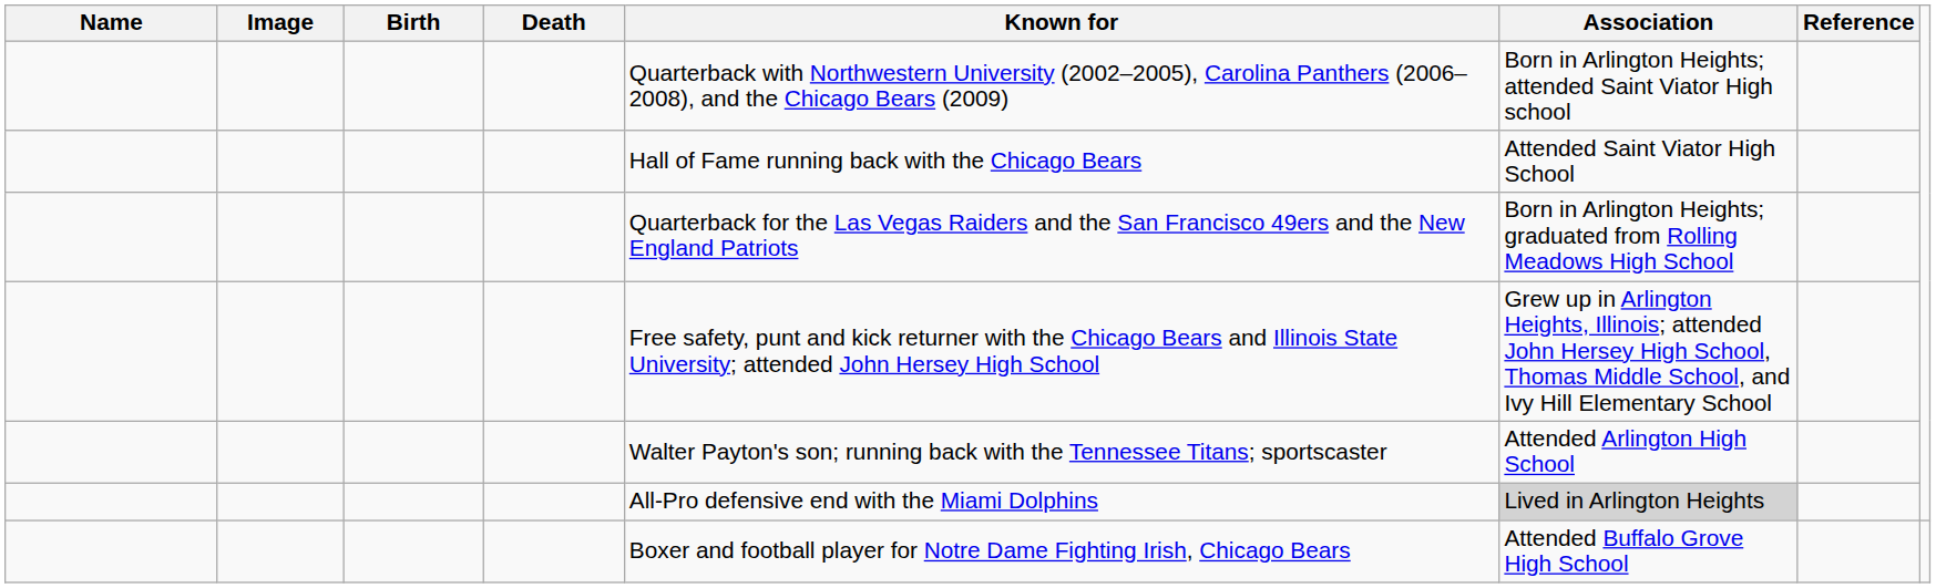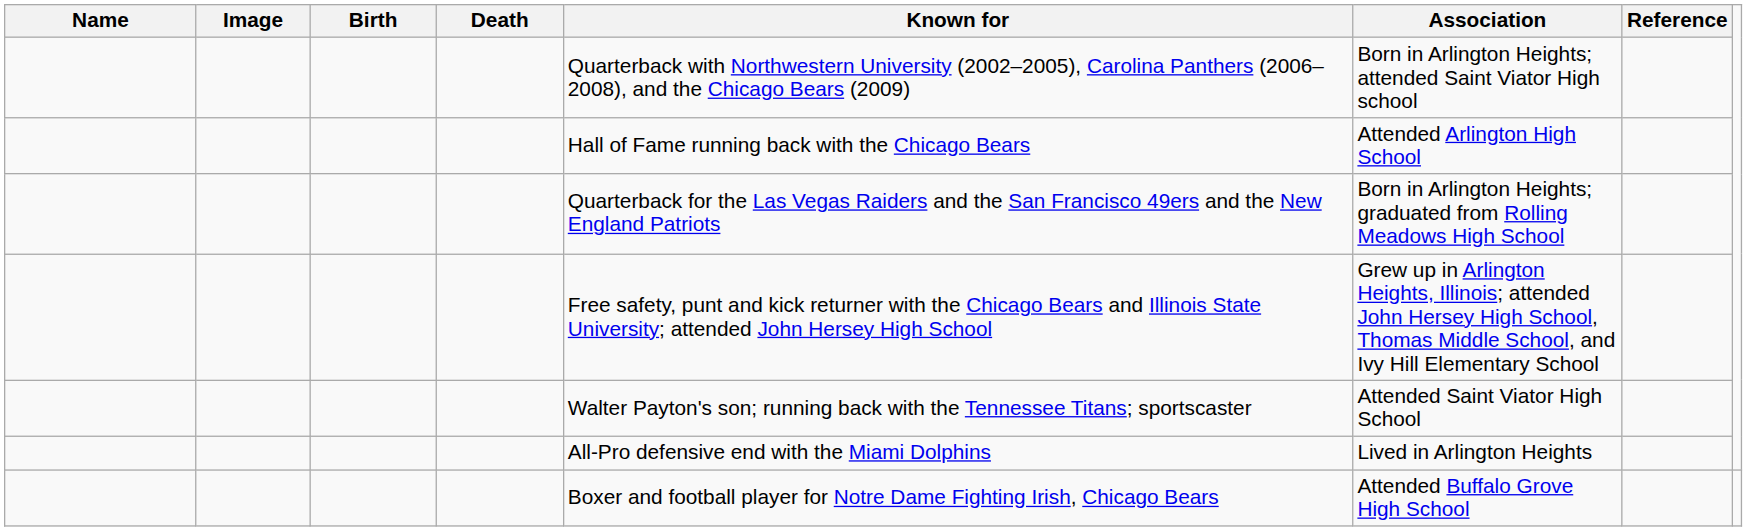 <table class="wikitable sortable">
 <tr>
 <th scope="col" width="140">Name</th>
 <th scope="col" width="80" class="unsortable">Image</th>
 <th scope="col" width="90">Birth</th>
 <th scope="col" width="90">Death</th>
 <th scope="col" width="600" class="unsortable">Known for</th>
 <th scope="col" width="200" class="unsortable">Association</th>
 <th scope="col" width="30" class="unsortable">Reference</th>
 </tr>
 <tr>
 <td></td>
 <td></td>
 <td align=right></td>
 <td></td>
 <td>Quarterback with <a href='#'>Northwestern University</a> (2002–2005), <a href='#'>Carolina Panthers</a> (2006–2008), and the <a href='#'>Chicago Bears</a> (2009)</td>
 <td>Born in Arlington Heights; attended Saint Viator High school</td>
 <td align="center"></td>
 </tr>
 <tr>
 <td></td>
 <td></td>
 <td align=right></td>
 <td></td>
 <td>Hall of Fame running back with the <a href='#'>Chicago Bears</a></td>
-<td>Attended Saint Viator High School</td>
+<td>Attended <a href='#'>Arlington High School</a></td>
 <td align="center"></td>
 </tr>
 <tr>
 <td></td>
 <td></td>
 <td align=right></td>
 <td></td>
 <td>Quarterback for the <a href='#'>Las Vegas Raiders</a> and the <a href='#'>San Francisco 49ers</a> and the <a href='#'>New England Patriots</a></td>
 <td>Born in Arlington Heights; graduated from <a href='#'>Rolling Meadows High School</a></td>
 <td align="center"></td>
 </tr>
 <tr>
 <td></td>
 <td></td>
 <td align=right></td>
 <td></td>
 <td>Free safety, punt and kick returner with the <a href='#'>Chicago Bears</a> and <a href='#'>Illinois State University</a>; attended <a href='#'>John Hersey High School</a></td>
 <td>Grew up in <a href='#'>Arlington Heights, Illinois</a>; attended <a href='#'>John Hersey High School</a>, <a href='#'>Thomas Middle School</a>, and Ivy Hill Elementary School</td>
 <td align="center"></td>
 </tr>
 <tr>
 <td></td>
 <td></td>
 <td align=right></td>
 <td></td>
 <td>Walter Payton's son; running back with the <a href='#'>Tennessee Titans</a>; sportscaster</td>
-<td>Attended <a href='#'>Arlington High School</a></td>
+<td>Attended Saint Viator High School</td>
 <td align="center"></td>
 </tr>
 <tr>
 <td></td>
 <td></td>
 <td align=right></td>
 <td align=right></td>
 <td>All-Pro defensive end with the <a href='#'>Miami Dolphins</a></td>
-<td style="background: lightgrey;">Lived in Arlington Heights</td>
+<td>Lived in Arlington Heights</td>
 <td align="center"></td>
 </tr>
 <tr>
 <td></td>
 <td></td>
 <td align=right></td>
 <td></td>
 <td>Boxer and football player for <a href='#'>Notre Dame Fighting Irish</a>, <a href='#'>Chicago Bears</a></td>
 <td>Attended <a href='#'>Buffalo Grove High School</a></td>
 <td align="center"></td>
 <td></td>
 </tr>
 </table>
